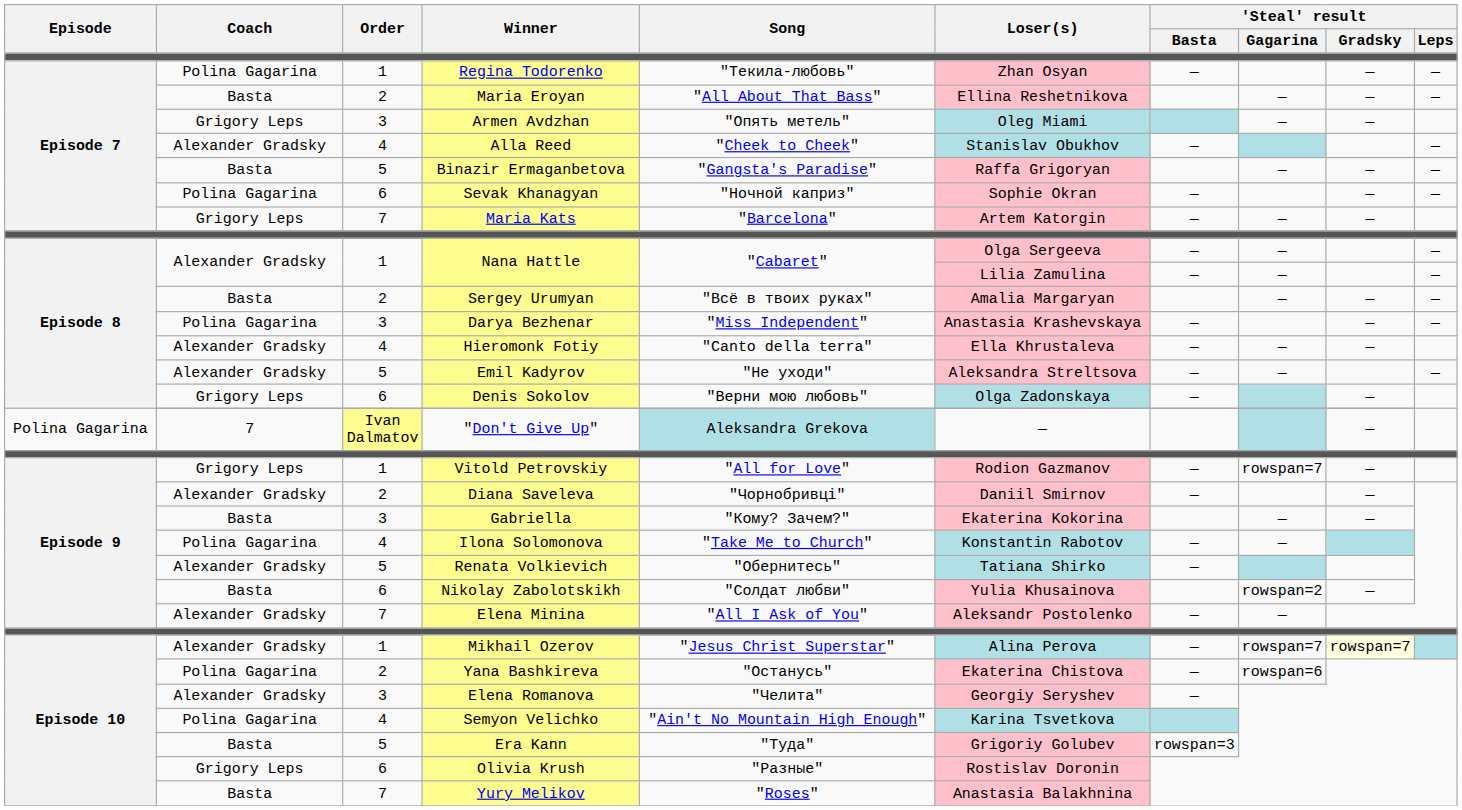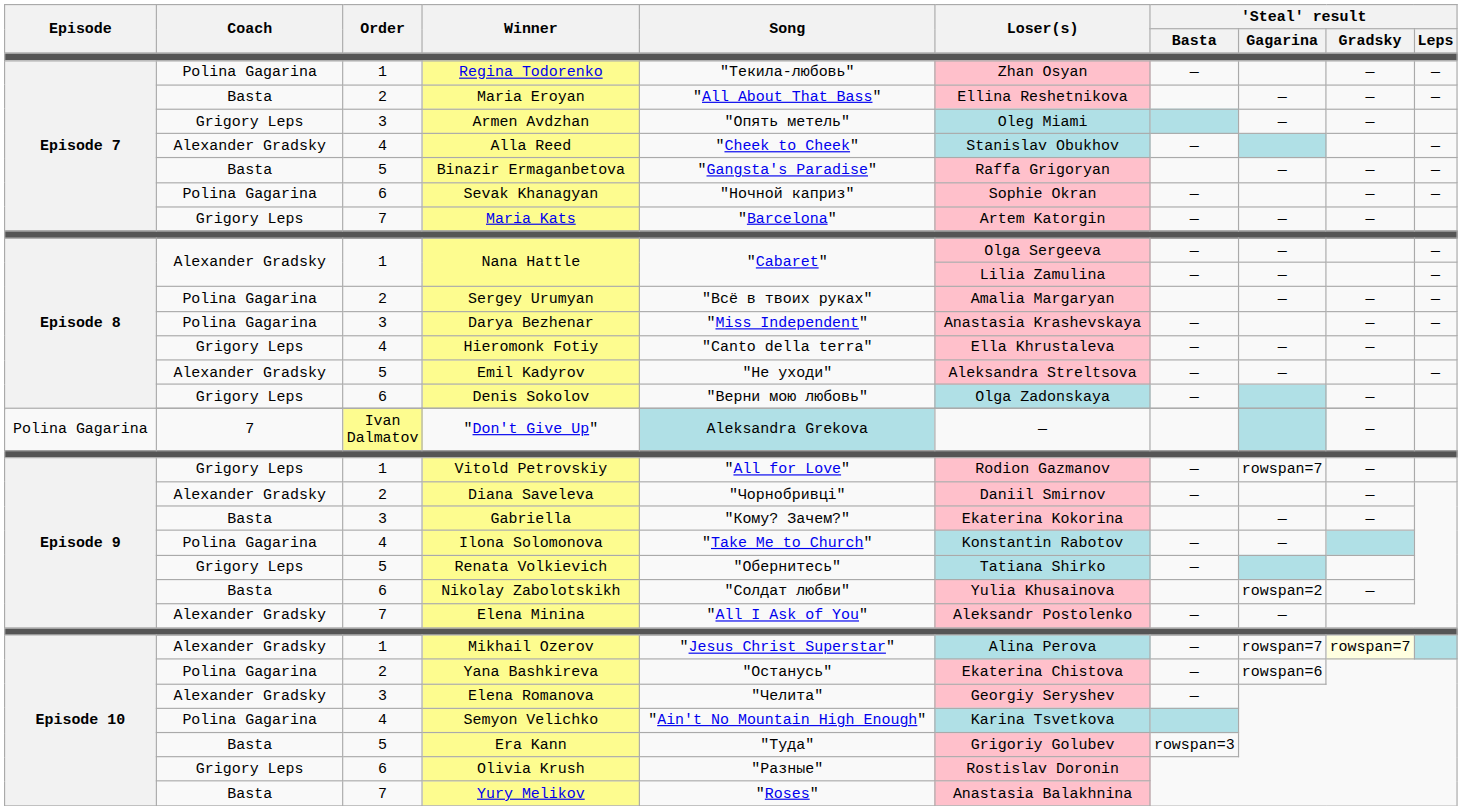 <table class="wikitable" style="text-align: center; width:100%;">
 <tr>
 <th rowspan="2" style="width:12%;">Episode</th>
 <th rowspan="2" style="width:15%;">Coach</th>
 <th rowspan="2" style="width:05%;">Order</th>
 <th rowspan="2" style="width:17%;">Winner</th>
 <th rowspan="2" style="width:24%;">Song</th>
 <th rowspan="2" style="width:17%;">Loser(s)</th>
 <th colspan="4" style="width:20%;">'Steal' result</th>
 </tr>
 <tr>
 <th style="width:05%;">Basta</th>
 <th style="width:05%;">Gagarina</th>
 <th style="width:05%;">Gradsky</th>
 <th style="width:05%;">Leps</th>
 </tr>
 <tr>
 <td colspan="10" style="background:#555;"></td>
 </tr>
 <tr>
 <th rowspan="7">Episode 7<br><small></small></th>
 <td>Polina Gagarina</td>
 <td>1</td>
 <td style="background:#fdfc8f;"><a href='#'>Regina Todorenko</a></td>
 <td>"Текила-любовь"</td>
 <td style="background:pink;">Zhan Osyan</td>
 <td>—</td>
 <td></td>
 <td>—</td>
 <td>—</td>
 </tr>
 <tr>
 <td>Basta</td>
 <td>2</td>
 <td style="background:#fdfc8f;">Maria Eroyan</td>
 <td>"<a href='#'>All About That Bass</a>"</td>
 <td style="background:pink;">Ellina Reshetnikova</td>
 <td></td>
 <td>—</td>
 <td>—</td>
 <td>—</td>
 </tr>
 <tr>
 <td>Grigory Leps</td>
 <td>3</td>
 <td style="background:#fdfc8f;">Armen Avdzhan</td>
 <td>"Опять метель"</td>
 <td style="background:#B0E0E6;">Oleg Miami</td>
 <td style="background:#B0E0E6;"><strong></strong></td>
 <td>—</td>
 <td>—</td>
 <td></td>
 </tr>
 <tr>
 <td>Alexander Gradsky</td>
 <td>4</td>
 <td style="background:#fdfc8f;">Alla Reed</td>
 <td>"<a href='#'>Cheek to Cheek</a>"</td>
 <td style="background:#B0E0E6;">Stanislav Obukhov</td>
 <td>—</td>
 <td style="background:#B0E0E6;"><strong></strong></td>
 <td></td>
 <td>—</td>
 </tr>
 <tr>
 <td>Basta</td>
 <td>5</td>
 <td style="background:#fdfc8f;">Binazir Ermaganbetova</td>
 <td>"<a href='#'>Gangsta's Paradise</a>"</td>
 <td style="background:pink;">Raffa Grigoryan</td>
 <td></td>
 <td>—</td>
 <td>—</td>
 <td>—</td>
 </tr>
 <tr>
 <td>Polina Gagarina</td>
 <td>6</td>
 <td style="background:#fdfc8f;">Sevak Khanagyan</td>
 <td>"Ночной каприз"</td>
 <td style="background:pink;">Sophie Okran</td>
 <td>—</td>
 <td></td>
 <td>—</td>
 <td>—</td>
 </tr>
 <tr>
 <td>Grigory Leps</td>
 <td>7</td>
 <td style="background:#fdfc8f;"><a href='#'>Maria Kats</a></td>
 <td>"<a href='#'>Barcelona</a>"</td>
 <td style="background:pink;">Artem Katorgin</td>
 <td>—</td>
 <td>—</td>
 <td>—</td>
 <td></td>
 </tr>
 <tr>
 <td colspan="10" style="background:#555;"></td>
 </tr>
 <tr>
 <th rowspan="8">Episode 8<br><small></small></th>
 <td rowspan="2">Alexander Gradsky</td>
 <td rowspan="2">1</td>
 <td rowspan=2 style="background:#fdfc8f;">Nana Hattle</td>
 <td rowspan="2">"<a href='#'>Cabaret</a>"</td>
 <td style="background:pink;">Olga Sergeeva</td>
 <td>—</td>
 <td>—</td>
 <td></td>
 <td>—</td>
 </tr>
 <tr>
 <td style="background:pink;">Lilia Zamulina</td>
 <td>—</td>
 <td>—</td>
 <td></td>
 <td>—</td>
 </tr>
 <tr>
-<td>Basta</td>
+<td>Polina Gagarina</td>
 <td>2</td>
 <td style="background:#fdfc8f;">Sergey Urumyan</td>
 <td>"Всё в твоих руках"</td>
 <td style="background:pink;">Amalia Margaryan</td>
 <td></td>
 <td>—</td>
 <td>—</td>
 <td>—</td>
 </tr>
 <tr>
 <td>Polina Gagarina</td>
 <td>3</td>
 <td style="background:#fdfc8f;">Darya Bezhenar</td>
 <td>"<a href='#'>Miss Independent</a>"</td>
 <td style="background:pink;">Anastasia Krashevskaya</td>
 <td>—</td>
 <td></td>
 <td>—</td>
 <td>—</td>
 </tr>
 <tr>
-<td>Alexander Gradsky</td>
+<td>Grigory Leps</td>
 <td>4</td>
 <td style="background:#fdfc8f;">Hieromonk Fotiy</td>
 <td>"Canto della terra"</td>
 <td style="background:pink;">Ella Khrustaleva</td>
 <td>—</td>
 <td>—</td>
 <td>—</td>
 <td></td>
 </tr>
 <tr>
 <td>Alexander Gradsky</td>
 <td>5</td>
 <td style="background:#fdfc8f;">Emil Kadyrov</td>
 <td>"Не уходи"</td>
 <td style="background:pink;">Aleksandra Streltsova</td>
 <td>—</td>
 <td>—</td>
 <td></td>
 <td>—</td>
 </tr>
 <tr>
 <td>Grigory Leps</td>
 <td>6</td>
 <td style="background:#fdfc8f;">Denis Sokolov</td>
 <td>"Верни мою любовь"</td>
 <td style="background:#B0E0E6;">Olga Zadonskaya</td>
 <td>—</td>
 <td style="background:#B0E0E6;"><strong></strong></td>
 <td>—</td>
 <td></td>
 </tr>
 <tr>
 </tr>
 <tr>
 <td>Polina Gagarina</td>
 <td>7</td>
 <td style="background:#fdfc8f;">Ivan Dalmatov</td>
 <td>"<a href='#'>Don't Give Up</a>"</td>
 <td style="background:#B0E0E6;">Aleksandra Grekova</td>
 <td>—</td>
 <td></td>
 <td style="background:#B0E0E6;"><strong></strong></td>
 <td>—</td>
 </tr>
 <tr>
 <td colspan="10" style="background:#555;"></td>
 </tr>
 <tr>
 <th rowspan="7">Episode 9<br><small></small></th>
 <td>Grigory Leps</td>
 <td>1</td>
 <td style="background:#fdfc8f;">Vitold Petrovskiy</td>
 <td>"<a href='#'>All for Love</a>"</td>
 <td style="background:pink;">Rodion Gazmanov</td>
 <td>—</td>
 <td>rowspan=7 </td>
 <td>—</td>
 <td></td>
 </tr>
 <tr>
 <td>Alexander Gradsky</td>
 <td>2</td>
 <td style="background:#fdfc8f;">Diana Saveleva</td>
 <td>"Чорнобривцi"</td>
 <td style="background:pink;">Daniil Smirnov</td>
 <td>—</td>
 <td></td>
 <td>—</td>
 </tr>
 <tr>
 <td>Basta</td>
 <td>3</td>
 <td style="background:#fdfc8f;">Gabriella</td>
 <td>"Кому? Зачем?"</td>
 <td style="background:pink;">Ekaterina Kokorina</td>
 <td></td>
 <td>—</td>
 <td>—</td>
 </tr>
 <tr>
 <td>Polina Gagarina</td>
 <td>4</td>
 <td style="background:#fdfc8f;">Ilona Solomonova</td>
 <td>"<a href='#'>Take Me to Church</a>"</td>
 <td style="background:#B0E0E6;">Konstantin Rabotov</td>
 <td>—</td>
 <td>—</td>
 <td style="background:#B0E0E6;"><strong></strong></td>
 </tr>
 <tr>
-<td>Alexander Gradsky</td>
+<td>Grigory Leps</td>
 <td>5</td>
 <td style="background:#fdfc8f;">Renata Volkievich</td>
 <td>"Обернитесь"</td>
 <td style="background:#B0E0E6;">Tatiana Shirko</td>
 <td>—</td>
 <td style="background:#B0E0E6;"><strong></strong></td>
 <td></td>
 </tr>
 <tr>
 <td>Basta</td>
 <td>6</td>
 <td style="background:#fdfc8f;">Nikolay Zabolotskikh</td>
 <td>"Солдат любви"</td>
 <td style="background:pink;">Yulia Khusainova</td>
 <td></td>
 <td>rowspan=2 </td>
 <td>—</td>
 </tr>
 <tr>
 <td>Alexander Gradsky</td>
 <td>7</td>
 <td style="background:#fdfc8f;">Elena Minina</td>
 <td>"<a href='#'>All I Ask of You</a>"</td>
 <td style="background:pink;">Aleksandr Postolenko</td>
 <td>—</td>
 <td>—</td>
 </tr>
 <tr>
 <td colspan="10" style="background:#555;"></td>
 </tr>
 <tr>
 <th rowspan="7">Episode 10<br><small></small></th>
 <td>Alexander Gradsky</td>
 <td>1</td>
 <td style="background:#fdfc8f;">Mikhail Ozerov</td>
 <td>"<a href='#'>Jesus Christ Superstar</a>"</td>
 <td style="background:#B0E0E6;">Alina Perova</td>
 <td>—</td>
 <td>rowspan=7 </td>
 <td style="background: lightyellow;">rowspan=7 </td>
 <td style="background:#B0E0E6;"><strong></strong></td>
 </tr>
 <tr>
 <td>Polina Gagarina</td>
 <td>2</td>
 <td style="background:#fdfc8f;">Yana Bashkireva</td>
 <td>"Останусь"</td>
 <td style="background:pink;">Ekaterina Chistova</td>
 <td>—</td>
 <td>rowspan=6 </td>
 </tr>
 <tr>
 <td>Alexander Gradsky</td>
 <td>3</td>
 <td style="background:#fdfc8f;">Elena Romanova</td>
 <td>"Челита"</td>
 <td style="background:pink;">Georgiy Seryshev</td>
 <td>—</td>
 </tr>
 <tr>
 <td>Polina Gagarina</td>
 <td>4</td>
 <td style="background:#fdfc8f;">Semyon Velichko</td>
 <td>"<a href='#'>Ain't No Mountain High Enough</a>"</td>
 <td style="background:#B0E0E6;">Karina Tsvetkova</td>
 <td style="background:#B0E0E6;"><strong></strong></td>
 </tr>
 <tr>
 <td>Basta</td>
 <td>5</td>
 <td style="background:#fdfc8f;">Era Kann</td>
 <td>"Туда"</td>
 <td style="background:pink;">Grigoriy Golubev</td>
 <td>rowspan=3 </td>
 </tr>
 <tr>
 <td>Grigory Leps</td>
 <td>6</td>
 <td style="background:#fdfc8f;">Olivia Krush</td>
 <td>"Разные"</td>
 <td style="background:pink;">Rostislav Doronin</td>
 </tr>
 <tr>
 <td>Basta</td>
 <td>7</td>
 <td style="background:#fdfc8f;"><a href='#'>Yury Melikov</a></td>
 <td>"<a href='#'>Roses</a>"</td>
 <td style="background:pink;">Anastasia Balakhnina</td>
 </tr>
 <tr>
 </tr>
 </table>
